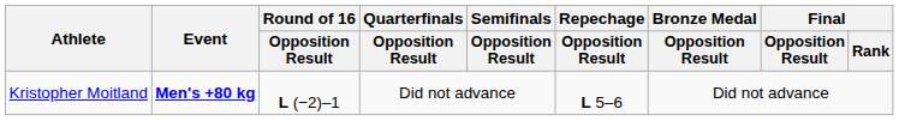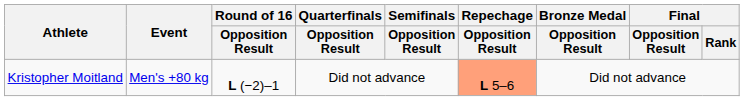 <table class="wikitable" style="font-size:90%">
 <tr>
 <th rowspan="2">Athlete</th>
 <th rowspan="2">Event</th>
 <th>Round of 16</th>
 <th>Quarterfinals</th>
 <th>Semifinals</th>
 <th>Repechage</th>
 <th>Bronze Medal</th>
 <th colspan=2>Final</th>
 </tr>
 <tr style="font-size:95%">
 <th>Opposition<br>Result</th>
 <th>Opposition<br>Result</th>
 <th>Opposition<br>Result</th>
 <th>Opposition<br>Result</th>
 <th>Opposition<br>Result</th>
 <th>Opposition<br>Result</th>
 <th>Rank</th>
 </tr>
 <tr align=center>
 <td align=left><a href='#'>Kristopher Moitland</a></td>
-<td align=left><strong><a href='#'>Men's +80 kg</a></strong></td>
+<td align=left><a href='#'>Men's +80 kg</a></td>
 <td><br><strong>L</strong> (−2)–1</td>
 <td colspan=2>Did not advance</td>
-<td><br><strong>L</strong> 5–6</td>
+<td style="background: lightsalmon;"><br><strong>L</strong> 5–6</td>
 <td colspan=3>Did not advance</td>
 </tr>
 </table>
